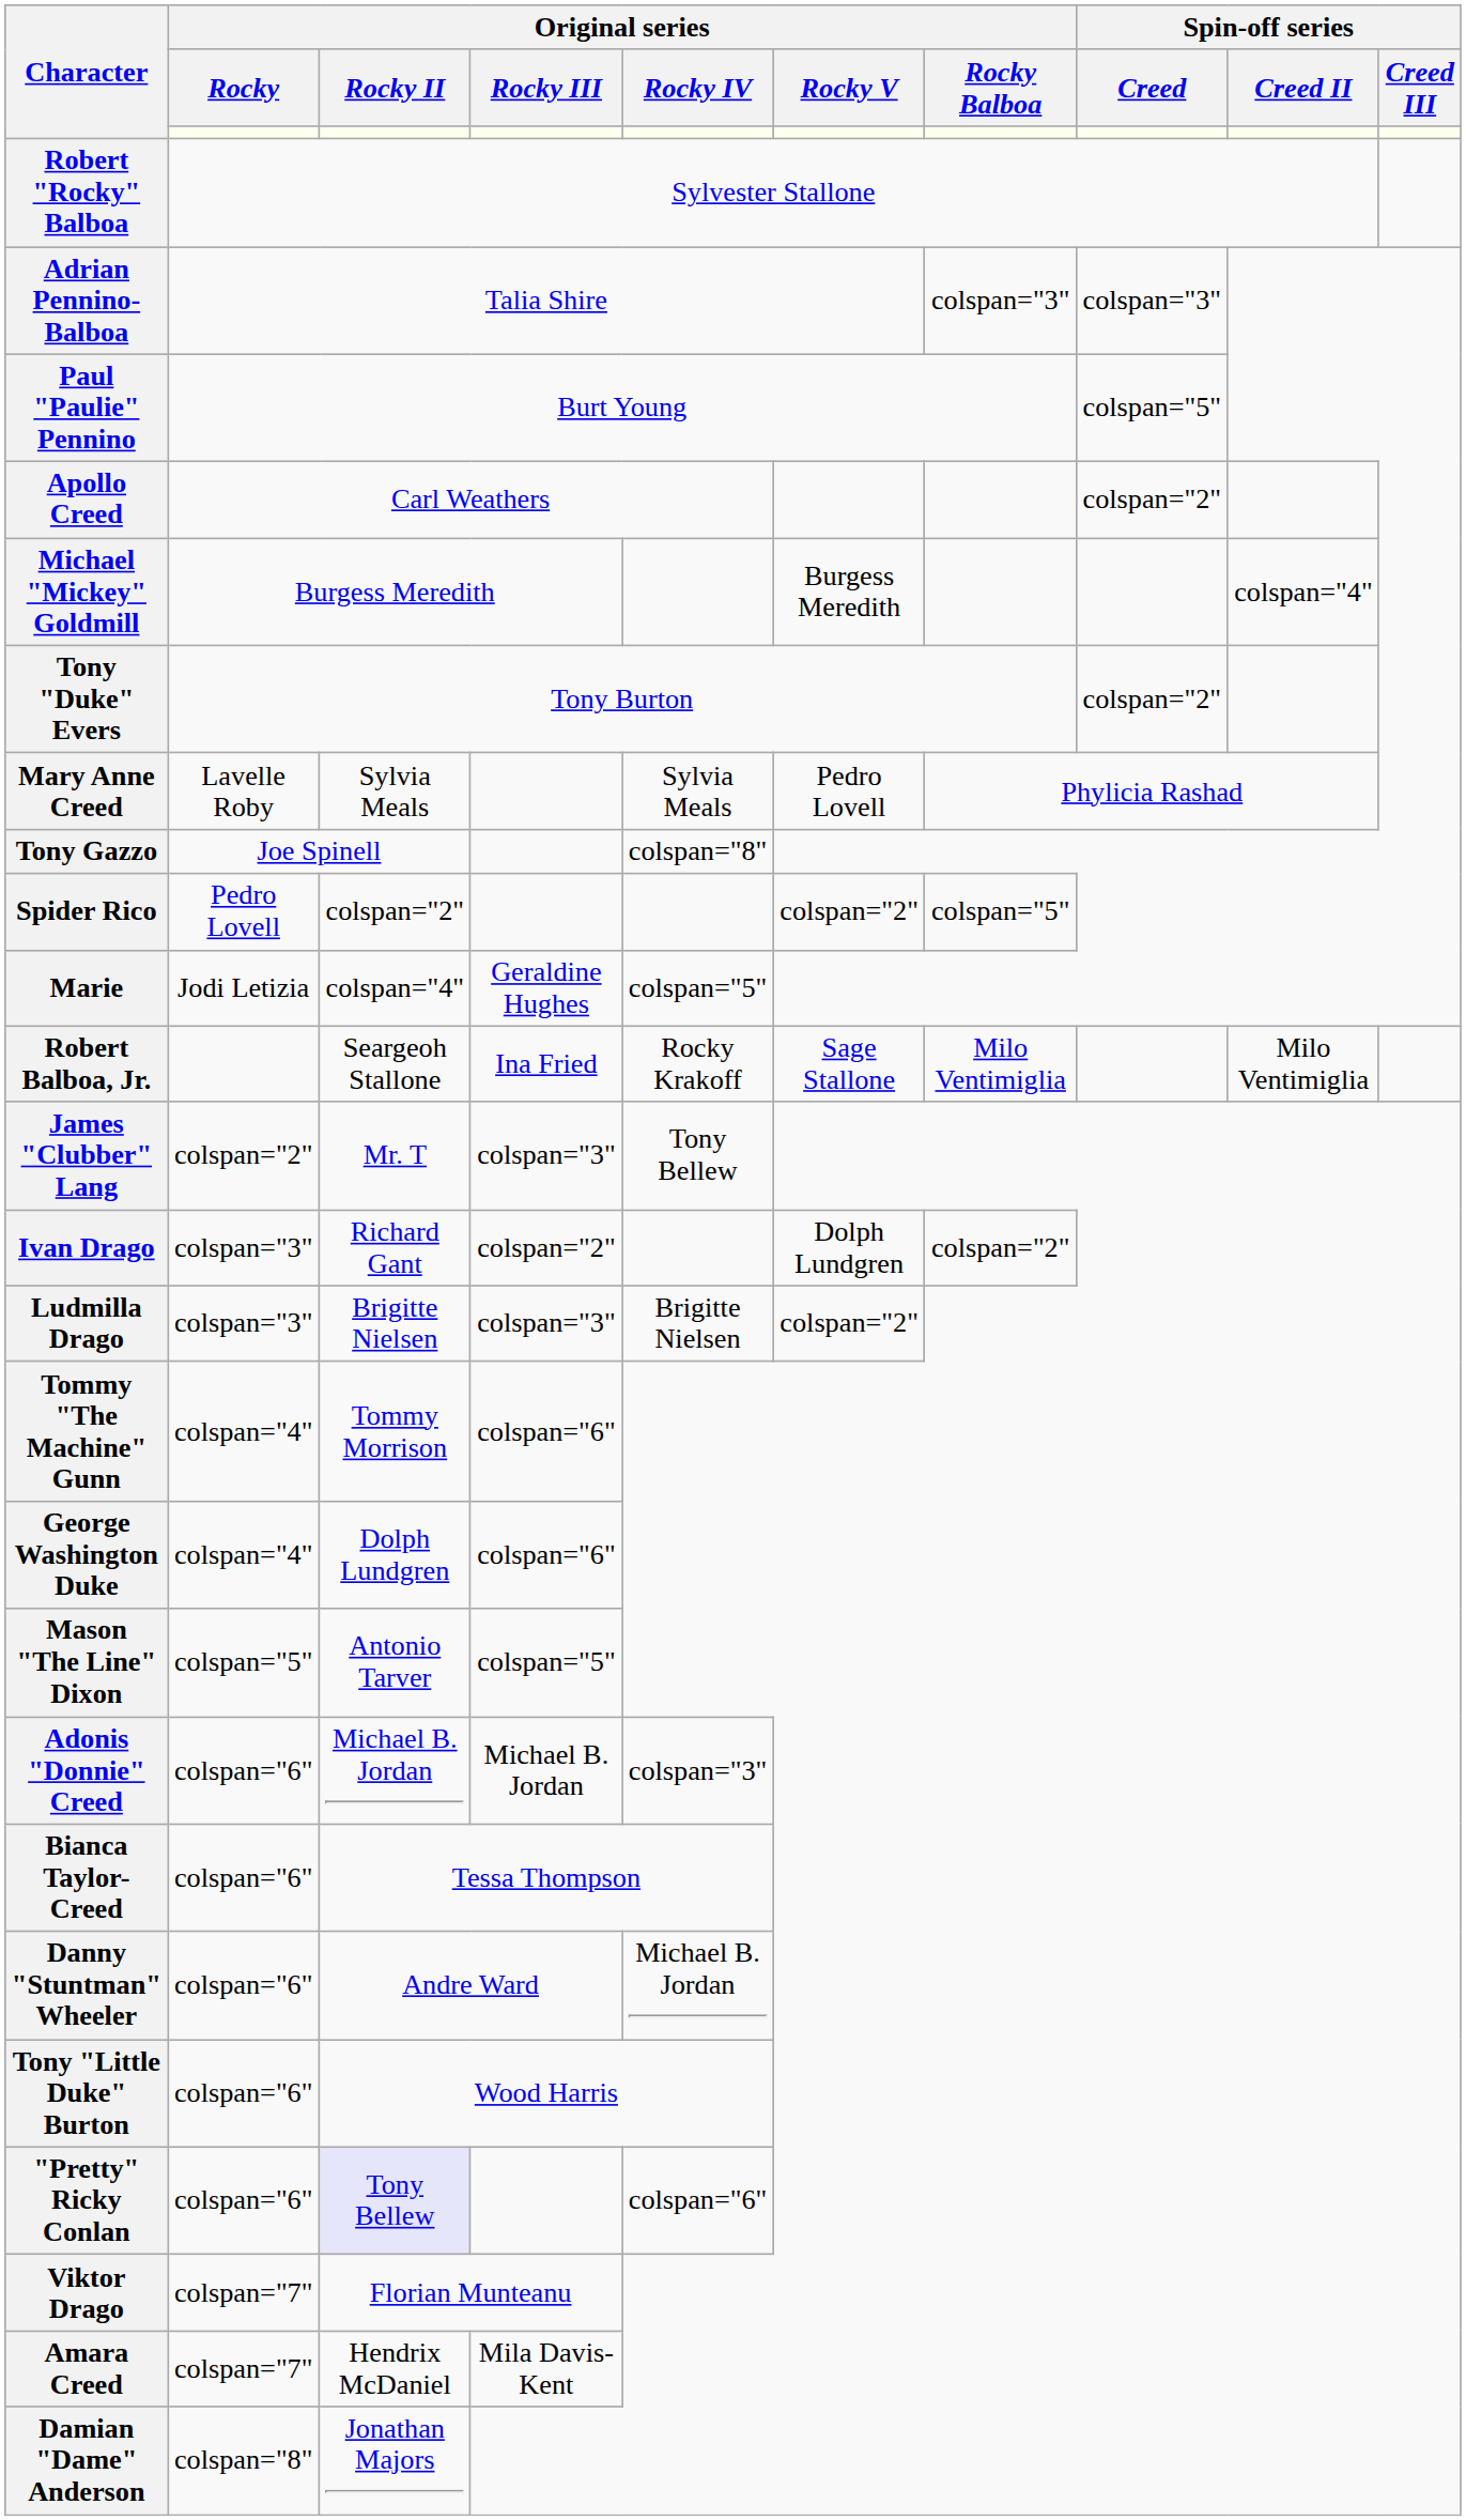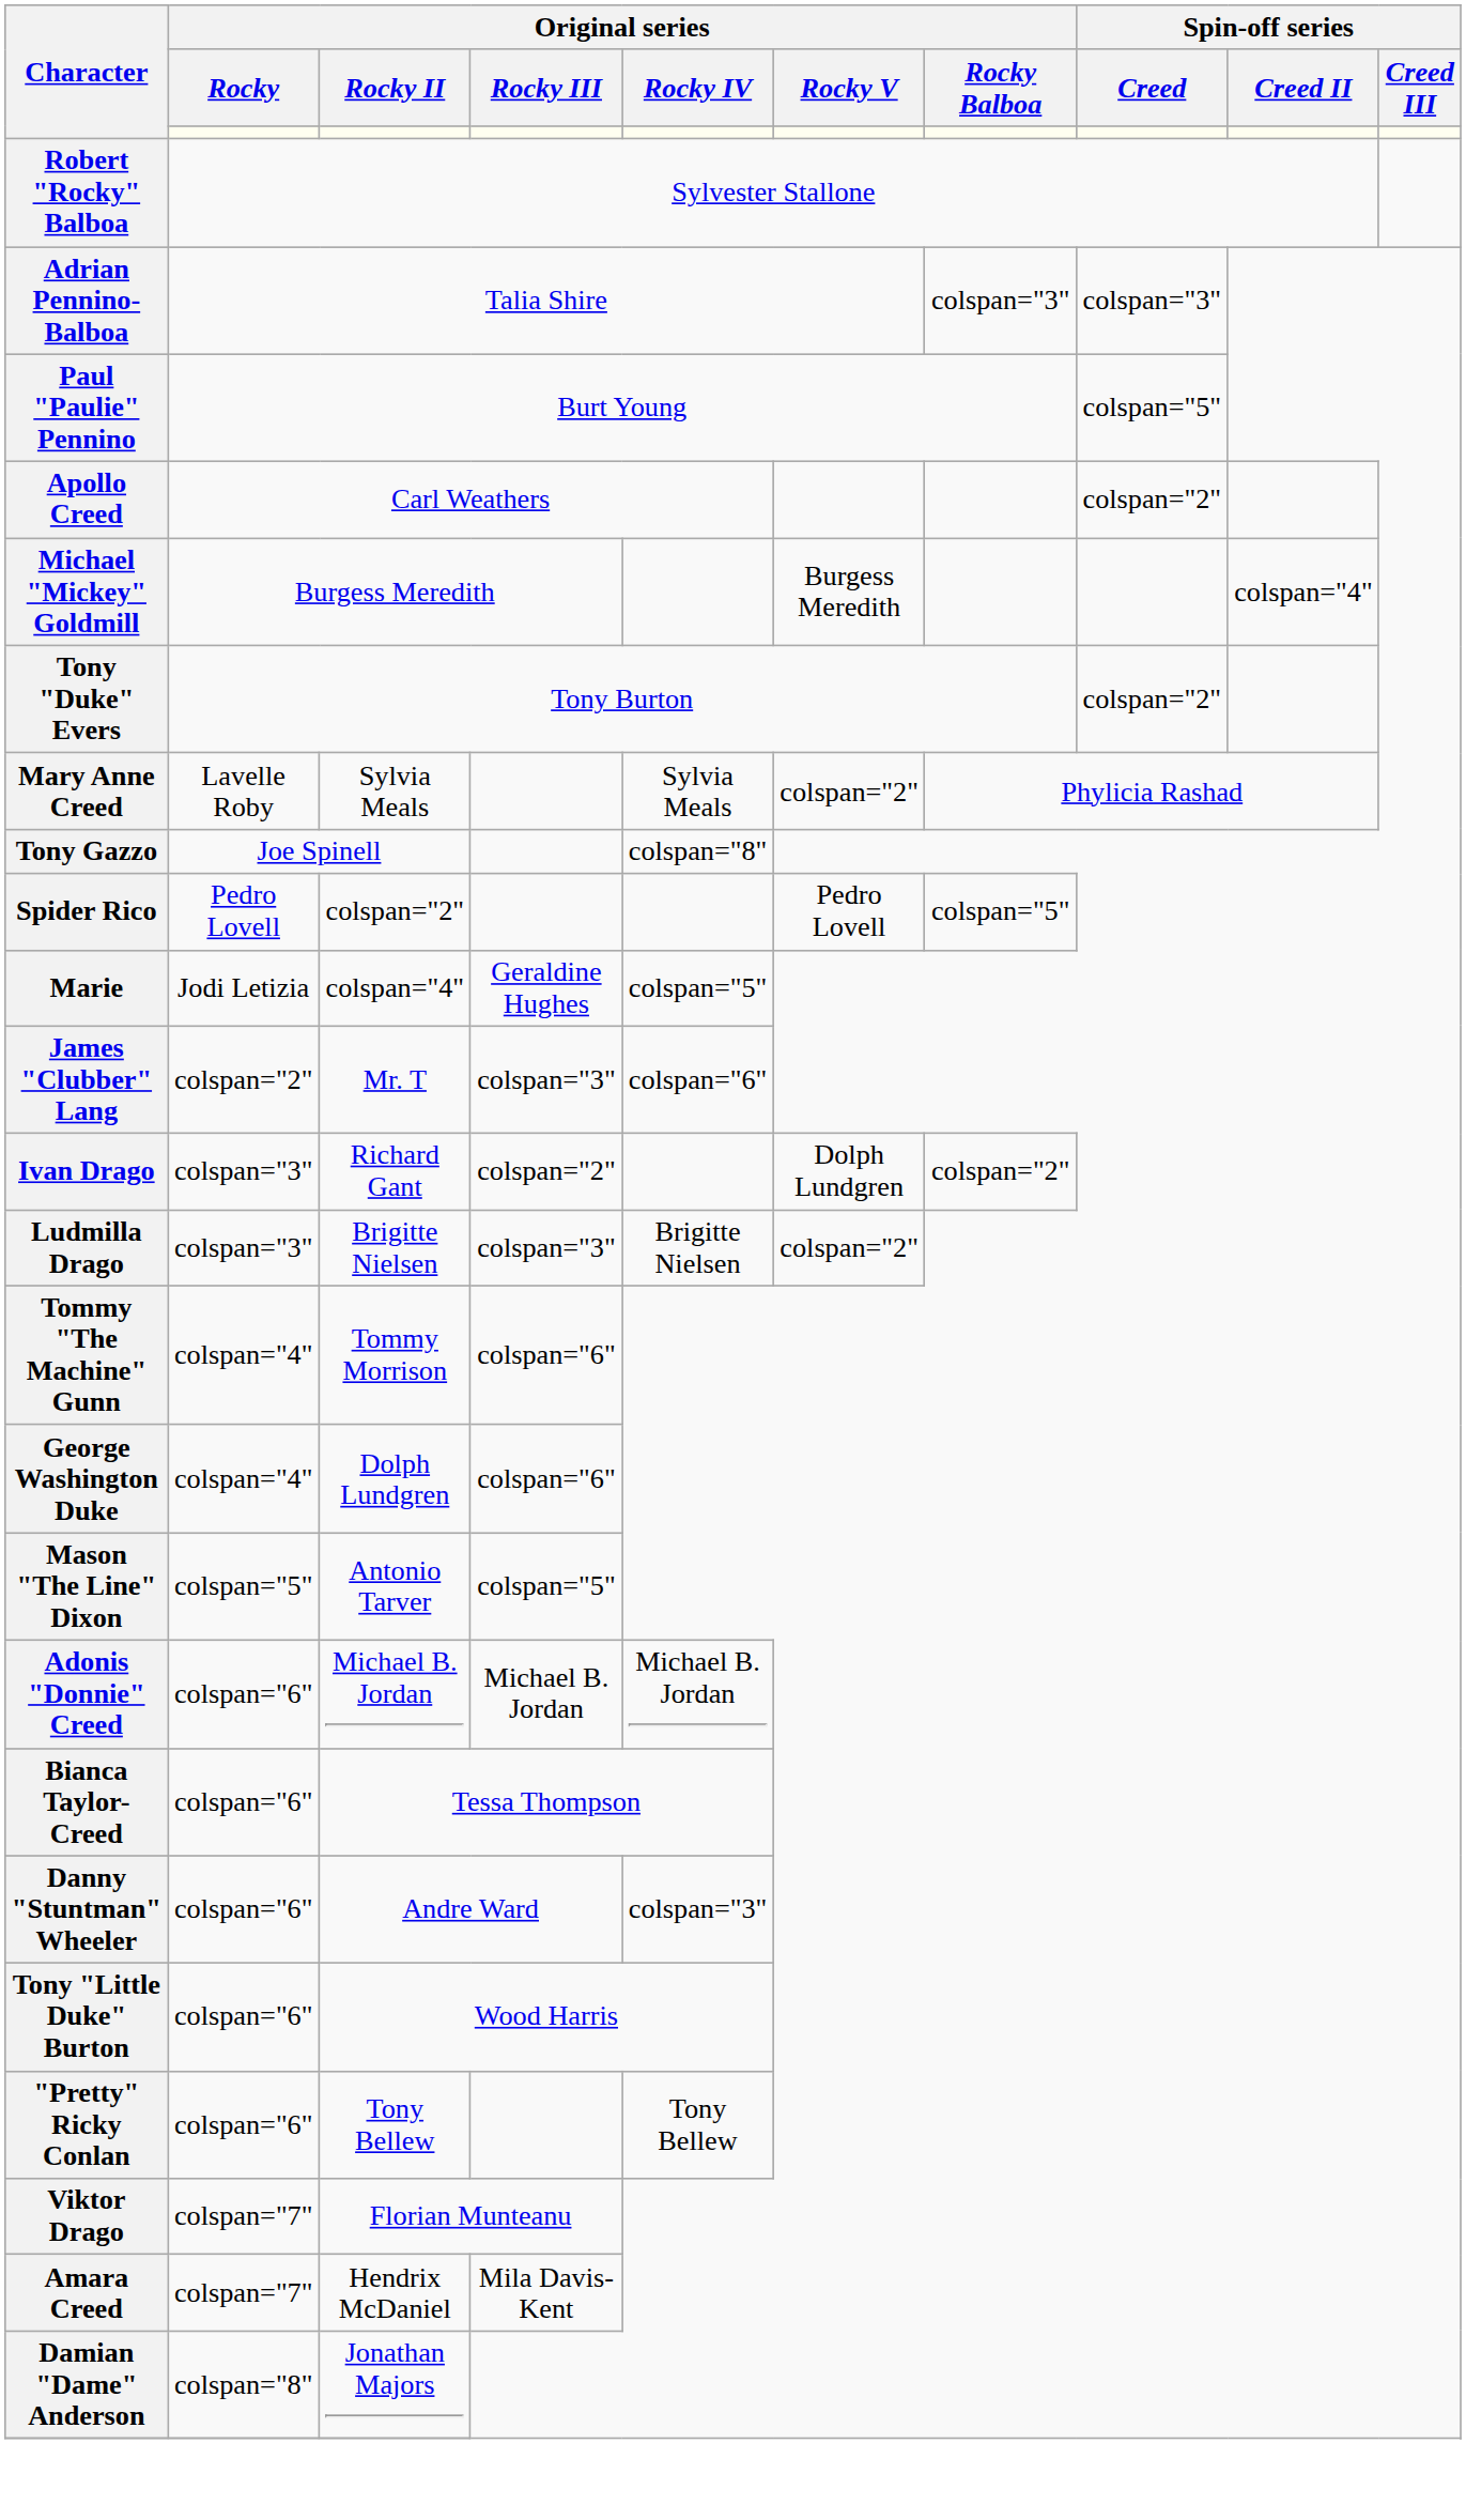 <table class="wikitable" style="text-align:center" width="100%;">
 <tr>
 <th rowspan="3"><a href='#'>Character</a></th>
 <th colspan="6">Original series</th>
 <th colspan="3">Spin-off series</th>
 </tr>
 <tr>
 <th><em><a href='#'>Rocky</a></em></th>
 <th><em><a href='#'>Rocky II</a></em></th>
 <th><em><a href='#'>Rocky III</a></em></th>
 <th><em><a href='#'>Rocky IV</a></em></th>
 <th><em><a href='#'>Rocky V</a></em></th>
 <th><em><a href='#'>Rocky Balboa</a></em></th>
 <th><em><a href='#'>Creed</a></em></th>
 <th><em><a href='#'>Creed II</a></em></th>
 <th><em><a href='#'>Creed III</a></em></th>
 </tr>
 <tr>
 <th style="background:ivory;"></th>
 <th style="background:ivory;"></th>
 <th style="background:ivory;"></th>
 <th style="background:ivory;"></th>
 <th style="background:ivory;"></th>
 <th style="background:ivory;"></th>
 <th style="background:ivory;"></th>
 <th style="background:ivory;"></th>
 <th style="background:ivory;"></th>
 </tr>
 <tr>
 <th><a href='#'>Robert "Rocky" Balboa</a></th>
 <td colspan="8"><a href='#'>Sylvester Stallone</a></td>
 <td></td>
 </tr>
 <tr>
 <th><a href='#'>Adrian Pennino-Balboa</a></th>
 <td colspan="5"><a href='#'>Talia Shire</a></td>
 <td>colspan="3" </td>
 <td>colspan="3" </td>
 </tr>
 <tr>
 <th><a href='#'>Paul "Paulie" Pennino</a></th>
 <td colspan="6"><a href='#'>Burt Young</a></td>
 <td>colspan="5" </td>
 </tr>
 <tr>
 <th><a href='#'>Apollo Creed</a></th>
 <td colspan="4"><a href='#'>Carl Weathers</a></td>
 <td></td>
 <td></td>
 <td>colspan="2" </td>
 <td></td>
 </tr>
 <tr>
 <th><a href='#'>Michael "Mickey" Goldmill</a></th>
 <td colspan="3"><a href='#'>Burgess Meredith</a></td>
 <td></td>
 <td>Burgess Meredith</td>
 <td></td>
 <td></td>
 <td>colspan="4" </td>
 </tr>
 <tr>
 <th>Tony "Duke" Evers</th>
 <td colspan="6"><a href='#'>Tony Burton</a></td>
 <td>colspan="2" </td>
 <td></td>
 </tr>
 <tr>
 <th>Mary Anne Creed</th>
 <td>Lavelle Roby</td>
 <td>Sylvia Meals</td>
 <td></td>
 <td>Sylvia Meals</td>
-<td>Pedro Lovell</td>
+<td>colspan="2" </td>
 <td colspan="3"><a href='#'>Phylicia Rashad</a></td>
 </tr>
 <tr>
 <th>Tony Gazzo</th>
 <td colspan="2"><a href='#'>Joe Spinell</a></td>
 <td></td>
 <td>colspan="8" </td>
 </tr>
 <tr>
 <th>Spider Rico</th>
 <td><a href='#'>Pedro Lovell</a></td>
 <td>colspan="2" </td>
 <td></td>
 <td></td>
-<td>colspan="2" </td>
+<td>Pedro Lovell</td>
 <td>colspan="5" </td>
 </tr>
 <tr>
 <th>Marie</th>
 <td>Jodi Letizia</td>
 <td>colspan="4" </td>
 <td><a href='#'>Geraldine Hughes</a></td>
 <td>colspan="5" </td>
 </tr>
 <tr>
-<th>Robert Balboa, Jr.</th>
-<td></td>
-<td>Seargeoh Stallone</td>
-<td><a href='#'>Ina Fried</a></td>
-<td>Rocky Krakoff</td>
-<td><a href='#'>Sage Stallone</a></td>
-<td><a href='#'>Milo Ventimiglia</a></td>
-<td></td>
-<td>Milo Ventimiglia</td>
-<td></td>
-</tr>
-<tr>
 <th><a href='#'>James "Clubber" Lang</a></th>
 <td>colspan="2" </td>
 <td><a href='#'>Mr. T</a></td>
 <td>colspan="3" </td>
-<td>Tony Bellew</td>
+<td>colspan="6" </td>
 </tr>
 <tr>
 <th><a href='#'>Ivan Drago</a></th>
 <td>colspan="3" </td>
 <td><a href='#'>Richard Gant</a></td>
 <td>colspan="2" </td>
 <td></td>
 <td>Dolph Lundgren</td>
 <td>colspan="2" </td>
 </tr>
 <tr>
 <th>Ludmilla Drago</th>
 <td>colspan="3" </td>
 <td><a href='#'>Brigitte Nielsen</a></td>
 <td>colspan="3" </td>
 <td>Brigitte Nielsen</td>
 <td>colspan="2" </td>
 </tr>
 <tr>
 <th>Tommy "The Machine" Gunn</th>
 <td>colspan="4" </td>
 <td><a href='#'>Tommy Morrison</a></td>
 <td>colspan="6" </td>
 </tr>
 <tr>
 <th>George Washington Duke</th>
 <td>colspan="4" </td>
 <td><a href='#'>Dolph Lundgren</a></td>
 <td>colspan="6" </td>
 </tr>
 <tr>
 <th>Mason "The Line" Dixon</th>
 <td>colspan="5" </td>
 <td><a href='#'>Antonio Tarver</a></td>
 <td>colspan="5" </td>
 </tr>
 <tr>
 <th><a href='#'>Adonis "Donnie" Creed</a></th>
 <td>colspan="6" </td>
 <td><a href='#'>Michael B. Jordan</a><hr></td>
 <td>Michael B. Jordan</td>
-<td>colspan="3" </td>
+<td>Michael B. Jordan<hr></td>
 </tr>
 <tr>
 <th>Bianca Taylor-Creed</th>
 <td>colspan="6" </td>
 <td colspan="3"><a href='#'>Tessa Thompson</a></td>
 </tr>
 <tr>
 <th>Danny "Stuntman" Wheeler</th>
 <td>colspan="6" </td>
 <td colspan="2"><a href='#'>Andre Ward</a></td>
-<td>Michael B. Jordan<hr></td>
+<td>colspan="3" </td>
 </tr>
 <tr>
 <th>Tony "Little Duke" Burton</th>
 <td>colspan="6" </td>
 <td colspan="3"><a href='#'>Wood Harris</a></td>
 </tr>
 <tr>
 <th>"Pretty" Ricky Conlan</th>
 <td>colspan="6" </td>
-<td style="background: lavender;"><a href='#'>Tony Bellew</a></td>
+<td><a href='#'>Tony Bellew</a></td>
 <td></td>
-<td>colspan="6" </td>
+<td>Tony Bellew</td>
 </tr>
 <tr>
 <th>Viktor Drago</th>
 <td>colspan="7" </td>
 <td colspan="2"><a href='#'>Florian Munteanu</a></td>
 </tr>
 <tr>
 <th>Amara Creed</th>
 <td>colspan="7" </td>
 <td>Hendrix McDaniel</td>
 <td>Mila Davis-Kent</td>
 </tr>
 <tr>
 <th>Damian "Dame" Anderson</th>
 <td>colspan="8" </td>
 <td><a href='#'>Jonathan Majors</a><hr></td>
 </tr>
 <tr>
 </tr>
 </table>
